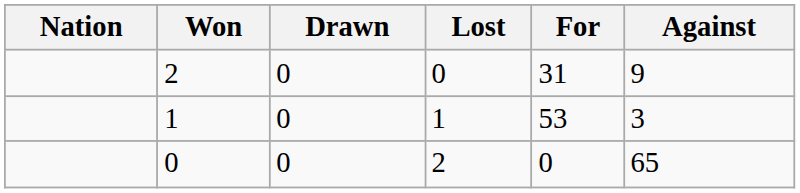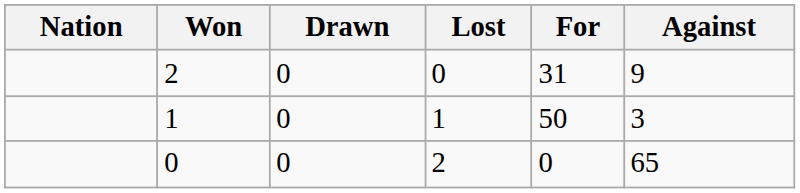 <table class="wikitable" style="width:50%" align=center>
 <tr>
 <th>Nation</th>
 <th>Won</th>
 <th>Drawn</th>
 <th>Lost</th>
 <th>For</th>
 <th>Against</th>
 </tr>
 <tr>
 <td></td>
 <td>2</td>
 <td>0</td>
 <td>0</td>
 <td>31</td>
 <td>9</td>
 </tr>
 <tr>
 <td></td>
 <td>1</td>
 <td>0</td>
 <td>1</td>
-<td>53</td>
+<td>50</td>
 <td>3</td>
 </tr>
 <tr>
 <td></td>
 <td>0</td>
 <td>0</td>
 <td>2</td>
 <td>0</td>
 <td>65</td>
 </tr>
 </table>
